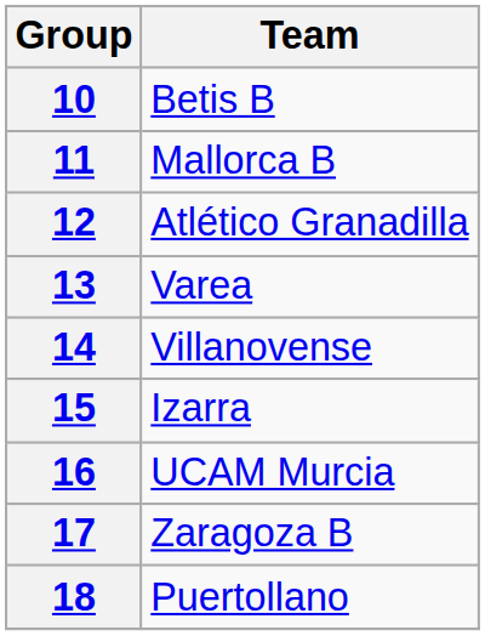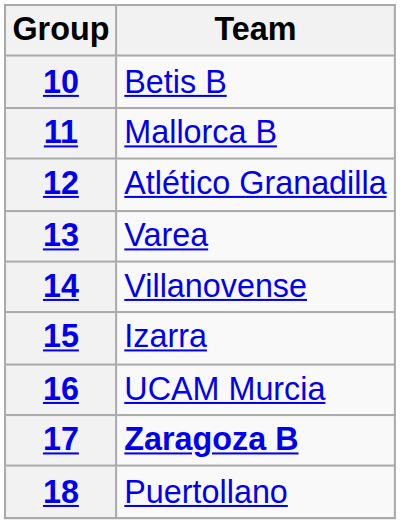 <table class="wikitable">
 <tr>
 <th>Group</th>
 <th>Team</th>
 </tr>
 <tr>
 <th><a href='#'>10</a></th>
 <td><a href='#'>Betis B</a></td>
 </tr>
 <tr>
 <th><a href='#'>11</a></th>
 <td><a href='#'>Mallorca B</a></td>
 </tr>
 <tr>
 <th><a href='#'>12</a></th>
 <td><a href='#'>Atlético Granadilla</a></td>
 </tr>
 <tr>
 <th><a href='#'>13</a></th>
 <td><a href='#'>Varea</a></td>
 </tr>
 <tr>
 <th><a href='#'>14</a></th>
 <td><a href='#'>Villanovense</a></td>
 </tr>
 <tr>
 <th><a href='#'>15</a></th>
 <td><a href='#'>Izarra</a></td>
 </tr>
 <tr>
 <th><a href='#'>16</a></th>
 <td><a href='#'>UCAM Murcia</a></td>
 </tr>
 <tr>
 <th><a href='#'>17</a></th>
-<td><a href='#'>Zaragoza B</a></td>
+<td><strong><a href='#'>Zaragoza B</a></strong></td>
 </tr>
 <tr>
 <th><a href='#'>18</a></th>
 <td><a href='#'>Puertollano</a></td>
 </tr>
 <tr>
 </tr>
 </table>
